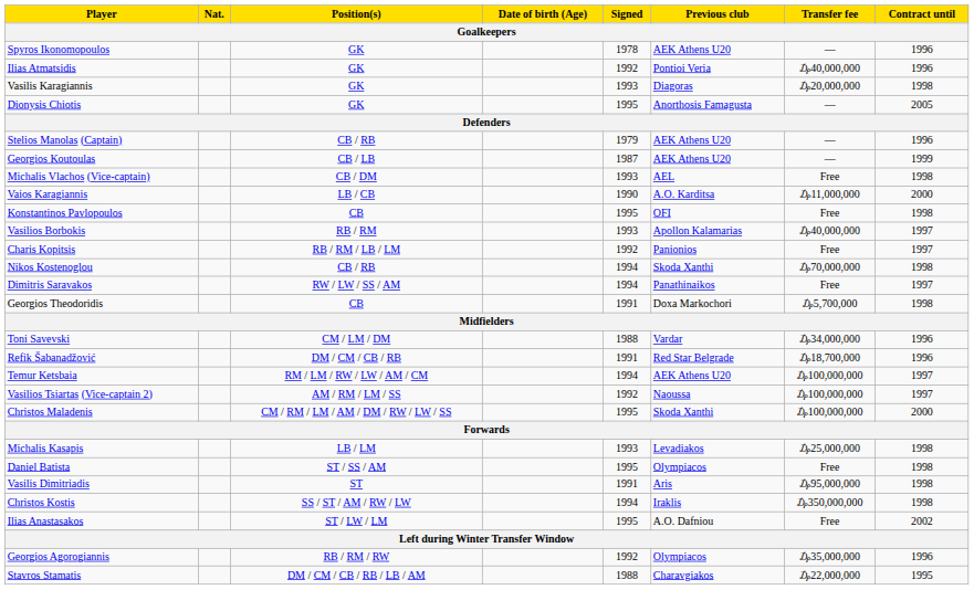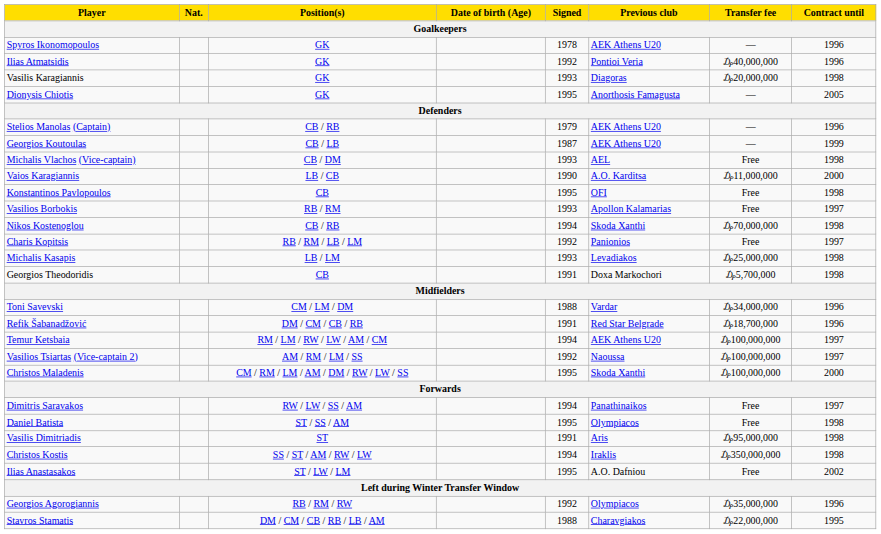 <table class="wikitable" style="text-align:center; font-size:90%;width:100%;">
 <tr>
 <th style="background:#FFDE00">Player</th>
 <th style="background:#FFDE00">Nat.</th>
 <th style="background:#FFDE00">Position(s)</th>
 <th style="background:#FFDE00">Date of birth (Age)</th>
 <th style="background:#FFDE00">Signed</th>
 <th style="background:#FFDE00">Previous club</th>
 <th style="background:#FFDE00">Transfer fee</th>
 <th style="background:#FFDE00">Contract until</th>
 </tr>
 <tr>
 <th colspan="8">Goalkeepers</th>
 </tr>
 <tr>
 <td align=left><a href='#'>Spyros Ikonomopoulos</a></td>
 <td></td>
 <td><a href='#'>GK</a></td>
 <td></td>
 <td>1978</td>
 <td align=left> <a href='#'>AEK Athens U20</a></td>
 <td>—</td>
 <td>1996</td>
 </tr>
 <tr>
 <td align=left><a href='#'>Ilias Atmatsidis</a></td>
 <td></td>
 <td><a href='#'>GK</a></td>
 <td></td>
 <td>1992</td>
 <td align=left> <a href='#'>Pontioi Veria</a></td>
 <td>₯40,000,000</td>
 <td>1996</td>
 </tr>
 <tr>
 <td align=left>Vasilis Karagiannis</td>
 <td></td>
 <td><a href='#'>GK</a></td>
 <td></td>
 <td>1993</td>
 <td align=left> <a href='#'>Diagoras</a></td>
 <td>₯20,000,000</td>
 <td>1998</td>
 </tr>
 <tr>
 <td align=left><a href='#'>Dionysis Chiotis</a></td>
 <td></td>
 <td><a href='#'>GK</a></td>
 <td></td>
 <td>1995</td>
 <td align=left> <a href='#'>Anorthosis Famagusta</a></td>
 <td>—</td>
 <td>2005</td>
 </tr>
 <tr>
 <th colspan="8">Defenders</th>
 </tr>
 <tr>
 <td align=left><a href='#'>Stelios Manolas</a> <a href='#'>(Captain)</a></td>
 <td></td>
 <td><a href='#'>CB</a> / <a href='#'>RB</a></td>
 <td></td>
 <td>1979</td>
 <td align=left> <a href='#'>AEK Athens U20</a></td>
 <td>—</td>
 <td>1996</td>
 </tr>
 <tr>
 <td align=left><a href='#'>Georgios Koutoulas</a></td>
 <td></td>
 <td><a href='#'>CB</a> / <a href='#'>LB</a></td>
 <td></td>
 <td>1987</td>
 <td align=left> <a href='#'>AEK Athens U20</a></td>
 <td>—</td>
 <td>1999</td>
 </tr>
 <tr>
 <td align=left><a href='#'>Michalis Vlachos</a> <a href='#'>(Vice-captain)</a></td>
 <td></td>
 <td><a href='#'>CB</a> / <a href='#'>DM</a></td>
 <td></td>
 <td>1993</td>
 <td align=left> <a href='#'>AEL</a></td>
 <td>Free</td>
 <td>1998</td>
 </tr>
 <tr>
 <td align=left><a href='#'>Vaios Karagiannis</a></td>
 <td></td>
 <td><a href='#'>LB</a> / <a href='#'>CB</a></td>
 <td></td>
 <td>1990</td>
 <td align=left> <a href='#'>A.O. Karditsa</a></td>
 <td>₯11,000,000</td>
 <td>2000</td>
 </tr>
 <tr>
 <td align=left><a href='#'>Konstantinos Pavlopoulos</a></td>
 <td></td>
 <td><a href='#'>CB</a></td>
 <td></td>
 <td>1995</td>
 <td align=left> <a href='#'>OFI</a></td>
 <td>Free</td>
 <td>1998</td>
 </tr>
 <tr>
 <td align=left><a href='#'>Vasilios Borbokis</a></td>
 <td></td>
 <td><a href='#'>RB</a> / <a href='#'>RM</a></td>
 <td></td>
 <td>1993</td>
 <td align=left> <a href='#'>Apollon Kalamarias</a></td>
-<td>₯40,000,000</td>
-<td>1997</td>
-</tr>
-<tr>
-<td align=left><a href='#'>Charis Kopitsis</a></td>
-<td></td>
-<td><a href='#'>RB</a> / <a href='#'>RM</a> / <a href='#'>LB</a> / <a href='#'>LM</a></td>
-<td></td>
-<td>1992</td>
-<td align=left> <a href='#'>Panionios</a></td>
 <td>Free</td>
 <td>1997</td>
 </tr>
 <tr>
 <td align=left><a href='#'>Nikos Kostenoglou</a></td>
 <td></td>
 <td><a href='#'>CB</a> / <a href='#'>RB</a></td>
 <td></td>
 <td>1994</td>
 <td align=left> <a href='#'>Skoda Xanthi</a></td>
 <td>₯70,000,000</td>
 <td>1998</td>
 </tr>
 <tr>
-<td align=left><a href='#'>Dimitris Saravakos</a></td>
+<td align=left><a href='#'>Charis Kopitsis</a></td>
 <td></td>
-<td><a href='#'>RW</a> / <a href='#'>LW</a> / <a href='#'>SS</a> / <a href='#'>AM</a></td>
+<td><a href='#'>RB</a> / <a href='#'>RM</a> / <a href='#'>LB</a> / <a href='#'>LM</a></td>
 <td></td>
-<td>1994</td>
-<td align=left> <a href='#'>Panathinaikos</a></td>
+<td>1992</td>
+<td align=left> <a href='#'>Panionios</a></td>
 <td>Free</td>
 <td>1997</td>
+</tr>
+<tr>
+<td align=left><a href='#'>Michalis Kasapis</a></td>
+<td></td>
+<td><a href='#'>LB</a> / <a href='#'>LM</a></td>
+<td></td>
+<td>1993</td>
+<td align=left> <a href='#'>Levadiakos</a></td>
+<td>₯25,000,000</td>
+<td>1998</td>
 </tr>
 <tr>
 <td align=left>Georgios Theodoridis</td>
 <td></td>
 <td><a href='#'>CB</a></td>
 <td></td>
 <td>1991</td>
 <td align=left> Doxa Markochori</td>
 <td>₯5,700,000</td>
 <td>1998</td>
 </tr>
 <tr>
 <th colspan="8">Midfielders</th>
 </tr>
 <tr>
 <td align=left><a href='#'>Toni Savevski</a></td>
 <td></td>
 <td><a href='#'>CM</a> / <a href='#'>LM</a> / <a href='#'>DM</a></td>
 <td></td>
 <td>1988</td>
 <td align=left> <a href='#'>Vardar</a></td>
 <td>₯34,000,000</td>
 <td>1996</td>
 </tr>
 <tr>
 <td align=left><a href='#'>Refik Šabanadžović</a></td>
 <td></td>
 <td><a href='#'>DM</a> / <a href='#'>CM</a> / <a href='#'>CB</a> / <a href='#'>RB</a></td>
 <td></td>
 <td>1991</td>
 <td align=left> <a href='#'>Red Star Belgrade</a></td>
 <td>₯18,700,000</td>
 <td>1996</td>
 </tr>
 <tr>
 <td align=left><a href='#'>Temur Ketsbaia</a></td>
 <td></td>
 <td><a href='#'>RM</a> / <a href='#'>LM</a> / <a href='#'>RW</a> / <a href='#'>LW</a> / <a href='#'>AM</a> / <a href='#'>CM</a></td>
 <td></td>
 <td>1994</td>
 <td align=left> <a href='#'>AEK Athens U20</a></td>
 <td>₯100,000,000</td>
 <td>1997</td>
 </tr>
 <tr>
 <td align=left><a href='#'>Vasilios Tsiartas</a> <a href='#'>(Vice-captain 2)</a></td>
 <td></td>
 <td><a href='#'>AM</a> / <a href='#'>RM</a> / <a href='#'>LM</a> / <a href='#'>SS</a></td>
 <td></td>
 <td>1992</td>
 <td align=left> <a href='#'>Naoussa</a></td>
 <td>₯100,000,000</td>
 <td>1997</td>
 </tr>
 <tr>
 <td align=left><a href='#'>Christos Maladenis</a></td>
 <td></td>
 <td><a href='#'>CM</a> / <a href='#'>RM</a> / <a href='#'>LM</a> / <a href='#'>AM</a> / <a href='#'>DM</a> / <a href='#'>RW</a> / <a href='#'>LW</a> / <a href='#'>SS</a></td>
 <td></td>
 <td>1995</td>
 <td align=left> <a href='#'>Skoda Xanthi</a></td>
 <td>₯100,000,000</td>
 <td>2000</td>
 </tr>
 <tr>
 <th colspan="8">Forwards</th>
 </tr>
 <tr>
-<td align=left><a href='#'>Michalis Kasapis</a></td>
+<td align=left><a href='#'>Dimitris Saravakos</a></td>
 <td></td>
-<td><a href='#'>LB</a> / <a href='#'>LM</a></td>
+<td><a href='#'>RW</a> / <a href='#'>LW</a> / <a href='#'>SS</a> / <a href='#'>AM</a></td>
 <td></td>
-<td>1993</td>
-<td align=left> <a href='#'>Levadiakos</a></td>
-<td>₯25,000,000</td>
-<td>1998</td>
+<td>1994</td>
+<td align=left> <a href='#'>Panathinaikos</a></td>
+<td>Free</td>
+<td>1997</td>
 </tr>
 <tr>
 <td align=left><a href='#'>Daniel Batista</a></td>
 <td></td>
 <td><a href='#'>ST</a> / <a href='#'>SS</a> / <a href='#'>AM</a></td>
 <td></td>
 <td>1995</td>
 <td align=left> <a href='#'>Olympiacos</a></td>
 <td>Free</td>
 <td>1998</td>
 </tr>
 <tr>
 <td align=left><a href='#'>Vasilis Dimitriadis</a></td>
 <td></td>
 <td><a href='#'>ST</a></td>
 <td></td>
 <td>1991</td>
 <td align=left> <a href='#'>Aris</a></td>
 <td>₯95,000,000</td>
 <td>1998</td>
 </tr>
 <tr>
 <td align=left><a href='#'>Christos Kostis</a></td>
 <td></td>
 <td><a href='#'>SS</a> / <a href='#'>ST</a> / <a href='#'>AM</a> / <a href='#'>RW</a> / <a href='#'>LW</a></td>
 <td></td>
 <td>1994</td>
 <td align=left> <a href='#'>Iraklis</a></td>
 <td>₯350,000,000</td>
 <td>1998</td>
 </tr>
 <tr>
 <td align=left><a href='#'>Ilias Anastasakos</a></td>
 <td></td>
 <td><a href='#'>ST</a> / <a href='#'>LW</a> / <a href='#'>LM</a></td>
 <td></td>
 <td>1995</td>
 <td align=left> A.O. Dafniou</td>
 <td>Free</td>
 <td>2002</td>
 </tr>
 <tr>
 <th colspan="8">Left during Winter Transfer Window</th>
 </tr>
 <tr>
 <td align=left><a href='#'>Georgios Agorogiannis</a></td>
 <td></td>
 <td><a href='#'>RB</a> / <a href='#'>RM</a> / <a href='#'>RW</a></td>
 <td></td>
 <td>1992</td>
 <td align=left> <a href='#'>Olympiacos</a></td>
 <td>₯35,000,000</td>
 <td>1996</td>
 </tr>
 <tr>
 <td align=left><a href='#'>Stavros Stamatis</a></td>
 <td></td>
 <td><a href='#'>DM</a> / <a href='#'>CM</a> / <a href='#'>CB</a> / <a href='#'>RB</a> / <a href='#'>LB</a> /  <a href='#'>AM</a></td>
 <td></td>
 <td>1988</td>
 <td align=left> <a href='#'>Charavgiakos</a></td>
 <td>₯22,000,000</td>
 <td>1995</td>
 </tr>
 </table>
